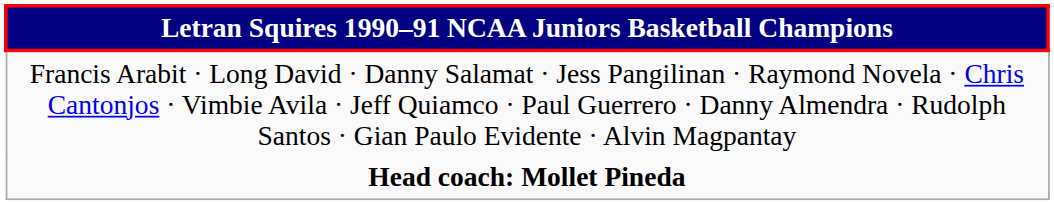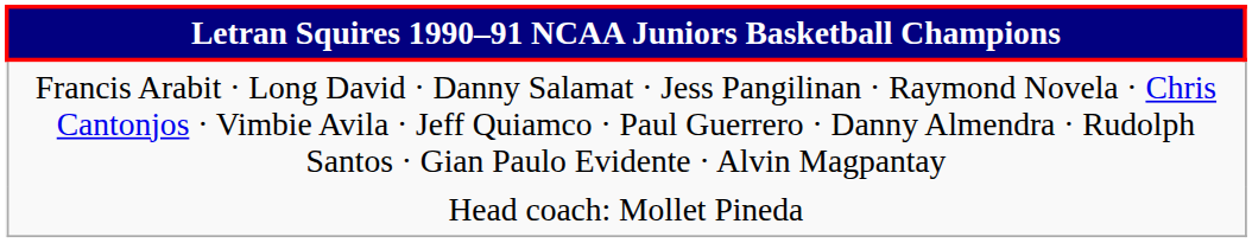 <table class="wikitable" style="text-align: center">
 <tr>
 <th style = "background:#020080; border:2px solid red; color:white">Letran Squires 1990–91 NCAA Juniors Basketball Champions</th>
 </tr>
 <tr>
 <td style="border-style: none none none none;">Francis Arabit · Long David · Danny Salamat · Jess Pangilinan · Raymond Novela · <a href='#'>Chris Cantonjos</a> · Vimbie Avila · Jeff Quiamco · Paul Guerrero · Danny Almendra · Rudolph Santos · Gian Paulo Evidente · Alvin Magpantay</td>
 </tr>
 <tr>
-<td style="border-style: none none none none;"><strong>Head coach: Mollet Pineda</strong></td>
+<td style="border-style: none none none none;">Head coach: Mollet Pineda</td>
 </tr>
 </table>
